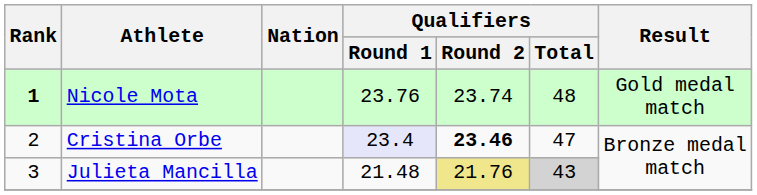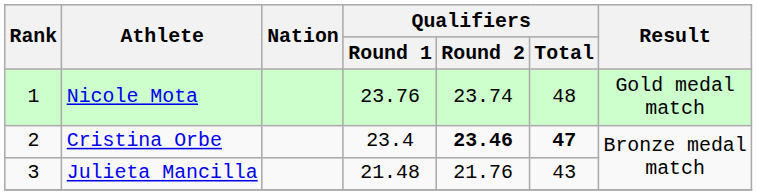 <table style="text-align:center;" class="wikitable sortable">
 <tr>
 <th rowspan="2">Rank</th>
 <th rowspan="2">Athlete</th>
 <th rowspan="2">Nation</th>
 <th colspan="3">Qualifiers</th>
 <th rowspan="2">Result</th>
 </tr>
 <tr>
 <th>Round 1</th>
 <th>Round 2</th>
 <th>Total</th>
 </tr>
 <tr bgcolor=ccffcc>
-<td><strong>1</strong></td>
+<td>1</td>
 <td align=left><a href='#'>Nicole Mota</a></td>
 <td align=left></td>
 <td>23.76</td>
 <td>23.74</td>
 <td>48</td>
 <td>Gold medal<br>match</td>
 </tr>
 <tr>
 <td>2</td>
 <td align=left><a href='#'>Cristina Orbe</a></td>
 <td align=left></td>
-<td style="background: lavender;">23.4</td>
+<td>23.4</td>
 <td><strong>23.46</strong></td>
-<td>47</td>
+<td><strong>47</strong></td>
 <td rowspan="2">Bronze medal<br>match</td>
 </tr>
 <tr>
 <td>3</td>
 <td align=left><a href='#'>Julieta Mancilla</a></td>
 <td align=left></td>
 <td>21.48</td>
-<td style="background: khaki;">21.76</td>
-<td style="background: lightgrey;">43</td>
+<td>21.76</td>
+<td>43</td>
 </tr>
 <tr>
 </tr>
 </table>
